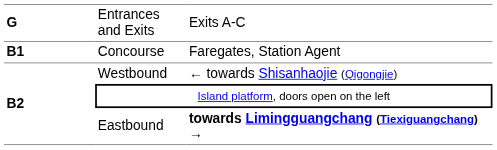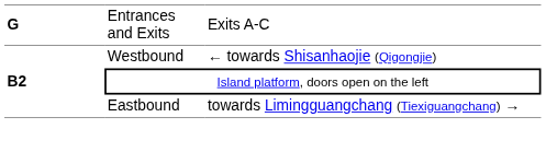 <table cellspacing=0 cellpadding=3>
 <tr>
 <td style="border-top:solid 1px gray;border-bottom:solid 1px gray;" width=100><strong>G</strong></td>
 <td style="border-top:solid 1px gray;border-bottom:solid 1px gray;" width=100>Entrances and Exits</td>
 <td style="border-top:solid 1px gray;border-bottom:solid 1px gray;" width=350>Exits A-C</td>
-</tr>
-<tr>
-<td style="border-bottom:solid 1px gray;"><strong>B1</strong></td>
-<td style="border-bottom:solid 1px gray;">Concourse</td>
-<td style="border-bottom:solid 1px gray;">Faregates, Station Agent</td>
 </tr>
 <tr>
 <td style="border-bottom:solid 1px gray;" rowspan=3><strong>B2</strong></td>
 <td>Westbound</td>
 <td>←  towards <a href='#'>Shisanhaojie</a> <small>(<a href='#'>Qigongjie</a>)</small></td>
 </tr>
 <tr>
 <td style="border-right:solid 2px black;border-left:solid 2px black;border-top:solid 2px black;border-bottom:solid 2px black;text-align:center;" colspan=2><small><a href='#'>Island platform</a>, doors open on the left</small></td>
 </tr>
 <tr>
 <td style="border-bottom:solid 1px gray;">Eastbound</td>
-<td style="border-bottom:solid 1px gray;"><strong>  towards <a href='#'>Limingguangchang</a> <small>(<a href='#'>Tiexiguangchang</a>)</small> →</strong></td>
+<td style="border-bottom:solid 1px gray;">  towards <a href='#'>Limingguangchang</a> <small>(<a href='#'>Tiexiguangchang</a>)</small> →</td>
 </tr>
 </table>
